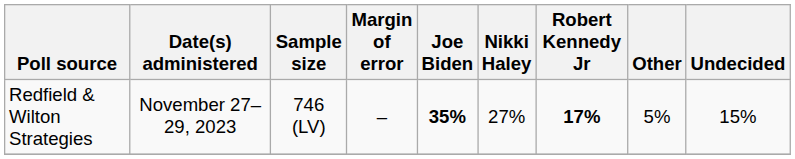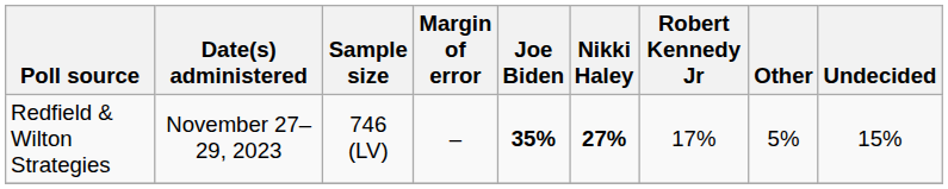 <table class="wikitable sortable mw-datatable" style="font-size:90%;text-align:center;line-height:17px">
 <tr valign=bottom>
 <th>Poll source</th>
 <th>Date(s)<br>administered</th>
 <th>Sample<br>size</th>
 <th>Margin<br>of error</th>
 <th class="unsortable">Joe<br>Biden<br></th>
 <th class="unsortable">Nikki<br>Haley<br></th>
 <th class="unsortable">Robert<br>Kennedy Jr<br></th>
 <th class="unsortable">Other</th>
 <th class="unsortable">Undecided</th>
 </tr>
 <tr>
 <td style="text-align:left;">Redfield & Wilton Strategies</td>
 <td data-sort-value="2023-12-05">November 27–29, 2023</td>
 <td>746 (LV)</td>
 <td>–</td>
 <td style="color:black;background-color:"><strong>35%</strong></td>
-<td>27%</td>
-<td><strong>17%</strong></td>
+<td><strong>27%</strong></td>
+<td>17%</td>
 <td>5%</td>
 <td>15%</td>
 </tr>
 <tr>
 </tr>
 </table>
